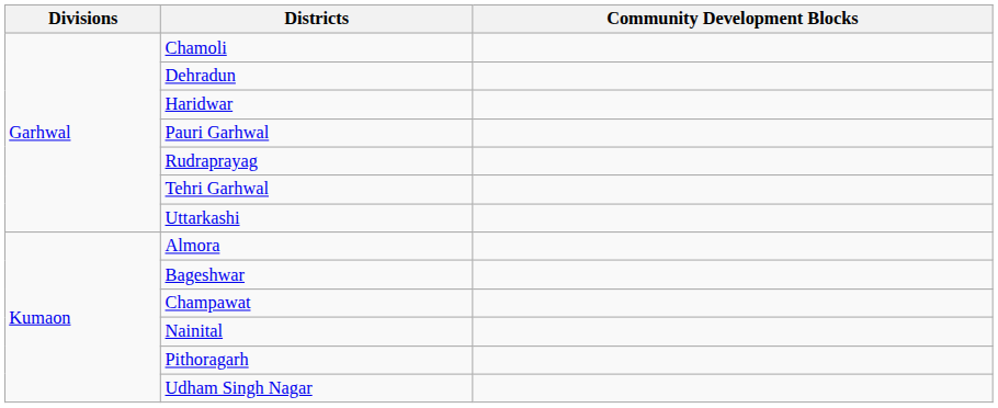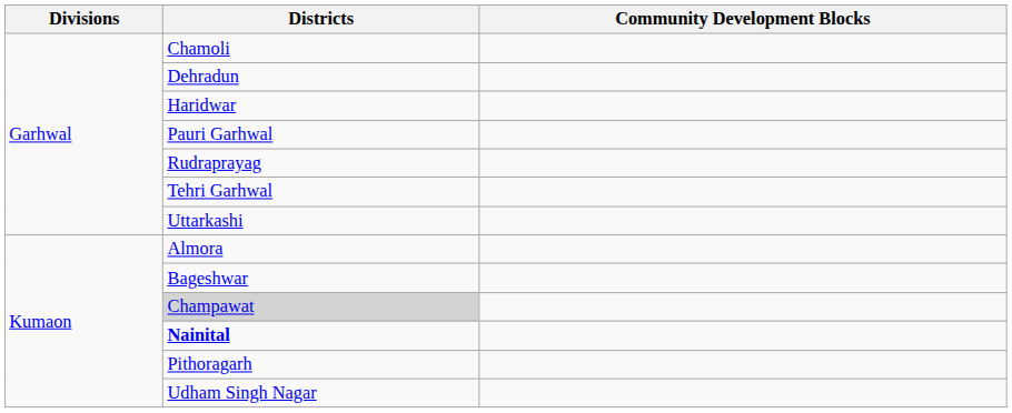 <table class="wikitable sortable" width=100%>
 <tr>
 <th>Divisions</th>
 <th>Districts</th>
 <th>Community Development Blocks</th>
 </tr>
 <tr>
 <td rowspan=7><a href='#'>Garhwal</a></td>
 <td><a href='#'>Chamoli</a></td>
 <td></td>
 </tr>
 <tr>
 <td><a href='#'>Dehradun</a></td>
 <td></td>
 </tr>
 <tr>
 <td><a href='#'>Haridwar</a></td>
 <td></td>
 </tr>
 <tr>
 <td><a href='#'>Pauri Garhwal</a></td>
 <td></td>
 </tr>
 <tr>
 <td><a href='#'>Rudraprayag</a></td>
 <td></td>
 </tr>
 <tr>
 <td><a href='#'>Tehri Garhwal</a></td>
 <td></td>
 </tr>
 <tr>
 <td><a href='#'>Uttarkashi</a></td>
 <td></td>
 </tr>
 <tr>
 <td rowspan=6><a href='#'>Kumaon</a></td>
 <td><a href='#'>Almora</a></td>
 <td></td>
 </tr>
 <tr>
 <td><a href='#'>Bageshwar</a></td>
 <td></td>
 </tr>
 <tr>
-<td><a href='#'>Champawat</a></td>
+<td style="background: lightgrey;"><a href='#'>Champawat</a></td>
 <td></td>
 </tr>
 <tr>
-<td><a href='#'>Nainital</a></td>
+<td><strong><a href='#'>Nainital</a></strong></td>
 <td></td>
 </tr>
 <tr>
 <td><a href='#'>Pithoragarh</a></td>
 <td></td>
 </tr>
 <tr>
 <td><a href='#'>Udham Singh Nagar</a></td>
 <td></td>
 </tr>
 </table>
